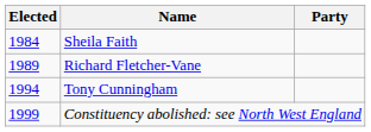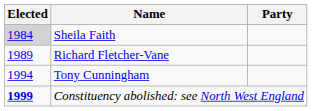 <table class="wikitable">
 <tr>
 <th>Elected</th>
 <th>Name</th>
 <th colspan=2>Party</th>
 </tr>
 <tr>
-<td><a href='#'>1984</a></td>
+<td style="background: lightgrey;"><a href='#'>1984</a></td>
 <td><a href='#'>Sheila Faith</a></td>
 <td></td>
 </tr>
 <tr>
 <td><a href='#'>1989</a></td>
 <td><a href='#'>Richard Fletcher-Vane</a></td>
 <td></td>
 </tr>
 <tr>
 <td><a href='#'>1994</a></td>
 <td><a href='#'>Tony Cunningham</a></td>
 <td></td>
 </tr>
 <tr>
-<td><a href='#'>1999</a></td>
+<td><strong><a href='#'>1999</a></strong></td>
 <td colspan="3"><em>Constituency abolished: see <a href='#'>North West England</a></em></td>
 </tr>
 </table>
